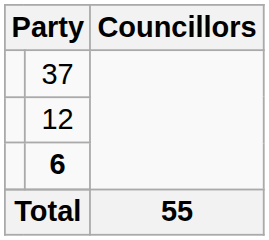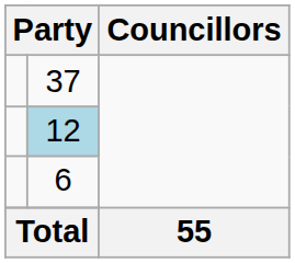 <table class="wikitable">
 <tr>
 <th colspan="2">Party</th>
 <th>Councillors</th>
 </tr>
 <tr>
 <td></td>
 <td align=center>37</td>
 </tr>
 <tr>
 <td></td>
-<td align=center>12</td>
+<td align=center style="background: lightblue;">12</td>
 </tr>
 <tr>
 <td></td>
-<td align=center><strong>6</strong></td>
+<td align=center>6</td>
 </tr>
 <tr>
 </tr>
 <tr>
 <th colspan=2>Total</th>
 <th align=center>55</th>
 </tr>
 </table>
